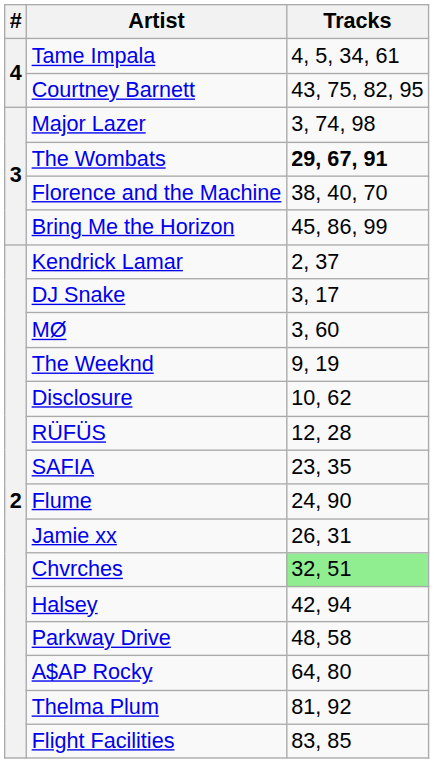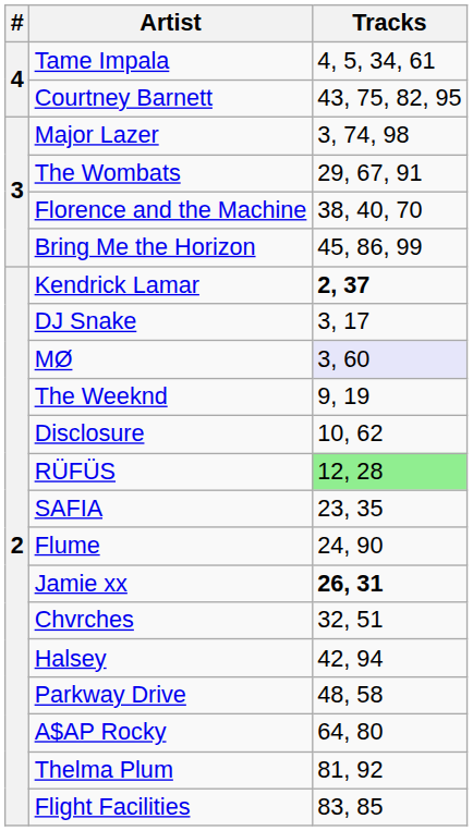 <table class="wikitable sortable">
 <tr>
 <th>#</th>
 <th>Artist</th>
 <th>Tracks</th>
 </tr>
 <tr>
 <th rowspan="2">4</th>
 <td><a href='#'>Tame Impala</a></td>
 <td>4, 5, 34, 61</td>
 </tr>
 <tr>
 <td><a href='#'>Courtney Barnett</a></td>
 <td>43, 75, 82, 95</td>
 </tr>
 <tr>
 <th rowspan="4">3</th>
 <td><a href='#'>Major Lazer</a></td>
 <td>3, 74, 98</td>
 </tr>
 <tr>
 <td><a href='#'>The Wombats</a></td>
-<td><strong>29, 67, 91</strong></td>
+<td>29, 67, 91</td>
 </tr>
 <tr>
 <td><a href='#'>Florence and the Machine</a></td>
 <td>38, 40, 70</td>
 </tr>
 <tr>
 <td><a href='#'>Bring Me the Horizon</a></td>
 <td>45, 86, 99</td>
 </tr>
 <tr>
 <th rowspan="15">2</th>
 <td><a href='#'>Kendrick Lamar</a></td>
-<td>2, 37</td>
+<td><strong>2, 37</strong></td>
 </tr>
 <tr>
 <td><a href='#'>DJ Snake</a></td>
 <td>3, 17</td>
 </tr>
 <tr>
 <td><a href='#'>MØ</a></td>
-<td>3, 60</td>
+<td style="background: lavender;">3, 60</td>
 </tr>
 <tr>
 <td><a href='#'>The Weeknd</a></td>
 <td>9, 19</td>
 </tr>
 <tr>
 <td><a href='#'>Disclosure</a></td>
 <td>10, 62</td>
 </tr>
 <tr>
 <td><a href='#'>RÜFÜS</a></td>
-<td>12, 28</td>
+<td style="background: lightgreen;">12, 28</td>
 </tr>
 <tr>
 <td><a href='#'>SAFIA</a></td>
 <td>23, 35</td>
 </tr>
 <tr>
 <td><a href='#'>Flume</a></td>
 <td>24, 90</td>
 </tr>
 <tr>
 <td><a href='#'>Jamie xx</a></td>
-<td>26, 31</td>
+<td><strong>26, 31</strong></td>
 </tr>
 <tr>
 <td><a href='#'>Chvrches</a></td>
-<td style="background: lightgreen;">32, 51</td>
+<td>32, 51</td>
 </tr>
 <tr>
 <td><a href='#'>Halsey</a></td>
 <td>42, 94</td>
 </tr>
 <tr>
 <td><a href='#'>Parkway Drive</a></td>
 <td>48, 58</td>
 </tr>
 <tr>
 <td><a href='#'>A$AP Rocky</a></td>
 <td>64, 80</td>
 </tr>
 <tr>
 <td><a href='#'>Thelma Plum</a></td>
 <td>81, 92</td>
 </tr>
 <tr>
 <td><a href='#'>Flight Facilities</a></td>
 <td>83, 85</td>
 </tr>
 </table>
